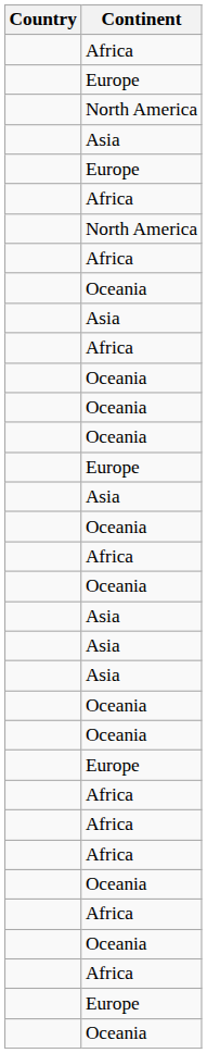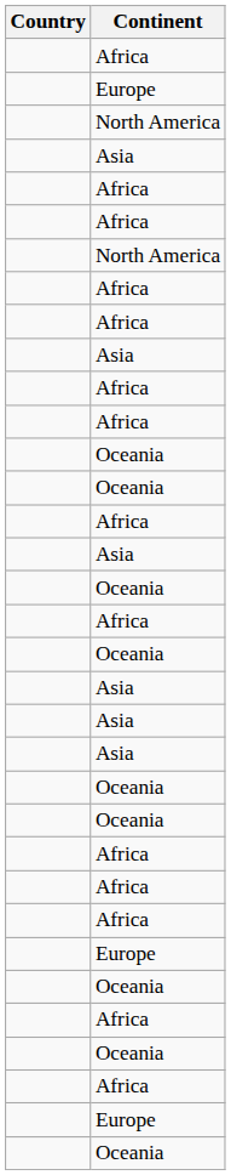 <table class="wikitable sortable static-row-numbers static-row-header-text">
 <tr>
 <th>Country</th>
 <th>Continent</th>
 </tr>
 <tr>
 <td></td>
 <td>Africa</td>
 </tr>
 <tr>
 <td></td>
 <td>Europe</td>
 </tr>
 <tr>
 <td></td>
 <td>North America</td>
 </tr>
 <tr>
 <td></td>
 <td>Asia</td>
 </tr>
 <tr>
 <td></td>
-<td>Europe</td>
+<td>Africa</td>
 </tr>
 <tr>
 <td></td>
 <td>Africa</td>
 </tr>
 <tr>
 <td></td>
 <td>North America</td>
 </tr>
 <tr>
 <td></td>
 <td>Africa</td>
 </tr>
 <tr>
 <td></td>
-<td>Oceania</td>
+<td>Africa</td>
 </tr>
 <tr>
 <td></td>
 <td>Asia</td>
+</tr>
+<tr>
+<td></td>
+<td>Africa</td>
 </tr>
 <tr>
 <td></td>
 <td>Africa</td>
 </tr>
 <tr>
 <td></td>
 <td>Oceania</td>
 </tr>
 <tr>
 <td></td>
 <td>Oceania</td>
 </tr>
 <tr>
 <td></td>
-<td>Oceania</td>
-</tr>
-<tr>
-<td></td>
-<td>Europe</td>
+<td>Africa</td>
 </tr>
 <tr>
 <td></td>
 <td>Asia</td>
 </tr>
 <tr>
 <td></td>
 <td>Oceania</td>
 </tr>
 <tr>
 <td></td>
 <td>Africa</td>
 </tr>
 <tr>
 <td></td>
 <td>Oceania</td>
 </tr>
 <tr>
 <td></td>
 <td>Asia</td>
 </tr>
 <tr>
 <td></td>
 <td>Asia</td>
 </tr>
 <tr>
 <td></td>
 <td>Asia</td>
 </tr>
 <tr>
 <td></td>
 <td>Oceania</td>
 </tr>
 <tr>
 <td></td>
 <td>Oceania</td>
 </tr>
 <tr>
 <td></td>
-<td>Europe</td>
+<td>Africa</td>
 </tr>
 <tr>
 <td></td>
 <td>Africa</td>
 </tr>
 <tr>
 <td></td>
 <td>Africa</td>
 </tr>
 <tr>
 <td></td>
-<td>Africa</td>
+<td>Europe</td>
 </tr>
 <tr>
 <td></td>
 <td>Oceania</td>
 </tr>
 <tr>
 <td></td>
 <td>Africa</td>
 </tr>
 <tr>
 <td></td>
 <td>Oceania</td>
 </tr>
 <tr>
 <td></td>
 <td>Africa</td>
 </tr>
 <tr>
 <td></td>
 <td>Europe</td>
 </tr>
 <tr>
 <td></td>
 <td>Oceania</td>
 </tr>
 </table>
